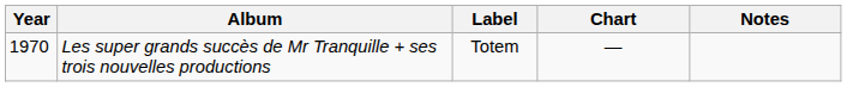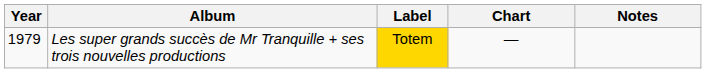 <table class="wikitable">
 <tr>
 <th align="left" valign="top" width="40">Year</th>
 <th align="left" valign="top" width="350">Album</th>
 <th align="center" valign="top" width="70">Label</th>
 <th align="left" valign="top" width="130">Chart</th>
 <th align="left" valign="top" width="130">Notes</th>
 </tr>
 <tr>
-<td align="left" valign="top">1970</td>
+<td align="left" valign="top">1979</td>
 <td align="left" valign="top"><em>Les super grands succès de Mr Tranquille + ses trois nouvelles productions</em></td>
-<td align="center" valign="top">Totem</td>
+<td align="center" valign="top" style="background: gold;">Totem</td>
 <td align="center" valign="top">—</td>
 <td align="center" valign="top"></td>
 </tr>
 </table>
